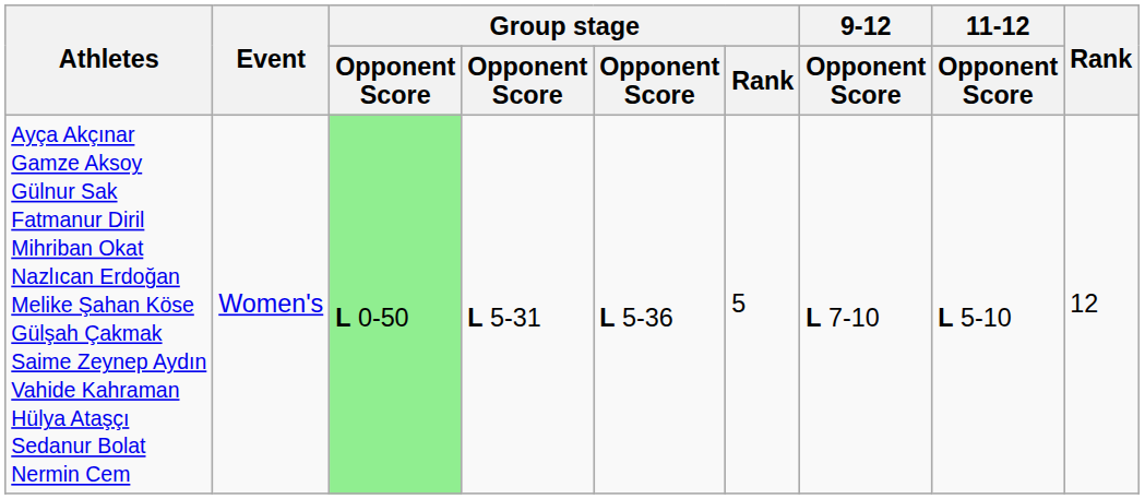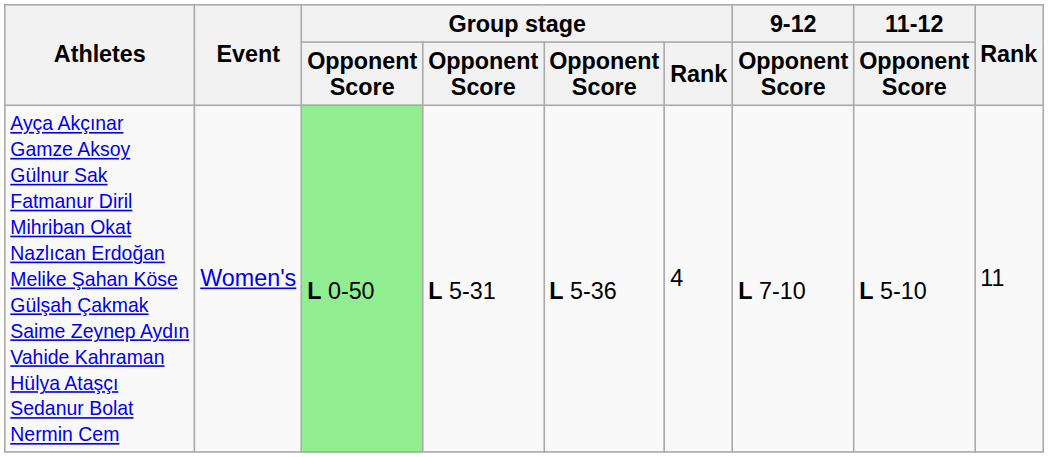 <table class="wikitable sortable" style="text-align:left; font-size:90%">
 <tr>
 <th rowspan="2">Athletes</th>
 <th rowspan="2">Event</th>
 <th colspan="4">Group stage</th>
 <th>9-12</th>
 <th>11-12</th>
 <th rowspan="2">Rank</th>
 </tr>
 <tr>
 <th>Opponent<br>Score</th>
 <th>Opponent<br>Score</th>
 <th>Opponent<br>Score</th>
 <th>Rank</th>
 <th>Opponent<br>Score</th>
 <th>Opponent<br>Score</th>
 </tr>
 <tr>
 <td><small><a href='#'>Ayça Akçınar</a><br><a href='#'>Gamze Aksoy</a><br><a href='#'>Gülnur Sak</a> <br><a href='#'>Fatmanur Diril</a><br><a href='#'>Mihriban Okat</a><br><a href='#'>Nazlıcan Erdoğan</a><br><a href='#'>Melike Şahan Köse</a><br></small><small><a href='#'>Gülşah Çakmak</a><br><a href='#'>Saime Zeynep Aydın</a><br><a href='#'>Vahide Kahraman</a><br><a href='#'>Hülya Ataşçı</a><br><a href='#'>Sedanur Bolat</a><br><a href='#'>Nermin Cem</a><br></small></td>
 <td><a href='#'>Women's</a></td>
 <td style="background: lightgreen;"><br><strong>L</strong> 0-50</td>
 <td><br><strong>L</strong> 5-31</td>
 <td><br><strong>L</strong> 5-36</td>
-<td>5</td>
+<td>4</td>
 <td><br><strong>L</strong> 7-10</td>
 <td><br><strong>L</strong> 5-10</td>
-<td>12</td>
+<td>11</td>
 </tr>
 </table>
